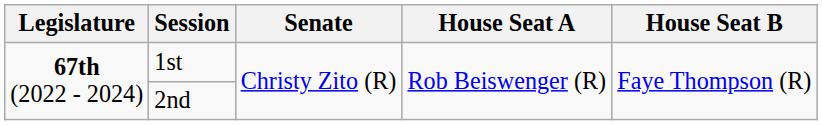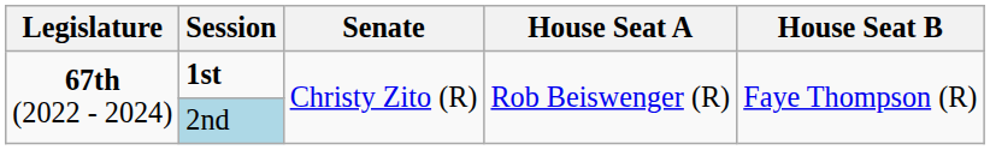 <table class="wikitable">
 <tr>
 <th>Legislature</th>
 <th>Session</th>
 <th>Senate</th>
 <th>House Seat A</th>
 <th>House Seat B</th>
 </tr>
 <tr>
 <td rowspan="2" colspan="1" style="text-align: center;"><strong>67th</strong> <br> (2022 - 2024)</td>
-<td>1st</td>
+<td><strong>1st</strong></td>
 <td rowspan="2" colspan="1" style="text-align: center;" ><a href='#'>Christy Zito</a> (R)</td>
 <td rowspan="2" colspan="1" style="text-align: center;" ><a href='#'>Rob Beiswenger</a> (R)</td>
 <td rowspan="2" colspan="1" style="text-align: center;" ><a href='#'>Faye Thompson</a> (R)</td>
 </tr>
 <tr>
-<td>2nd</td>
+<td style="background: lightblue;">2nd</td>
 </tr>
 </table>
